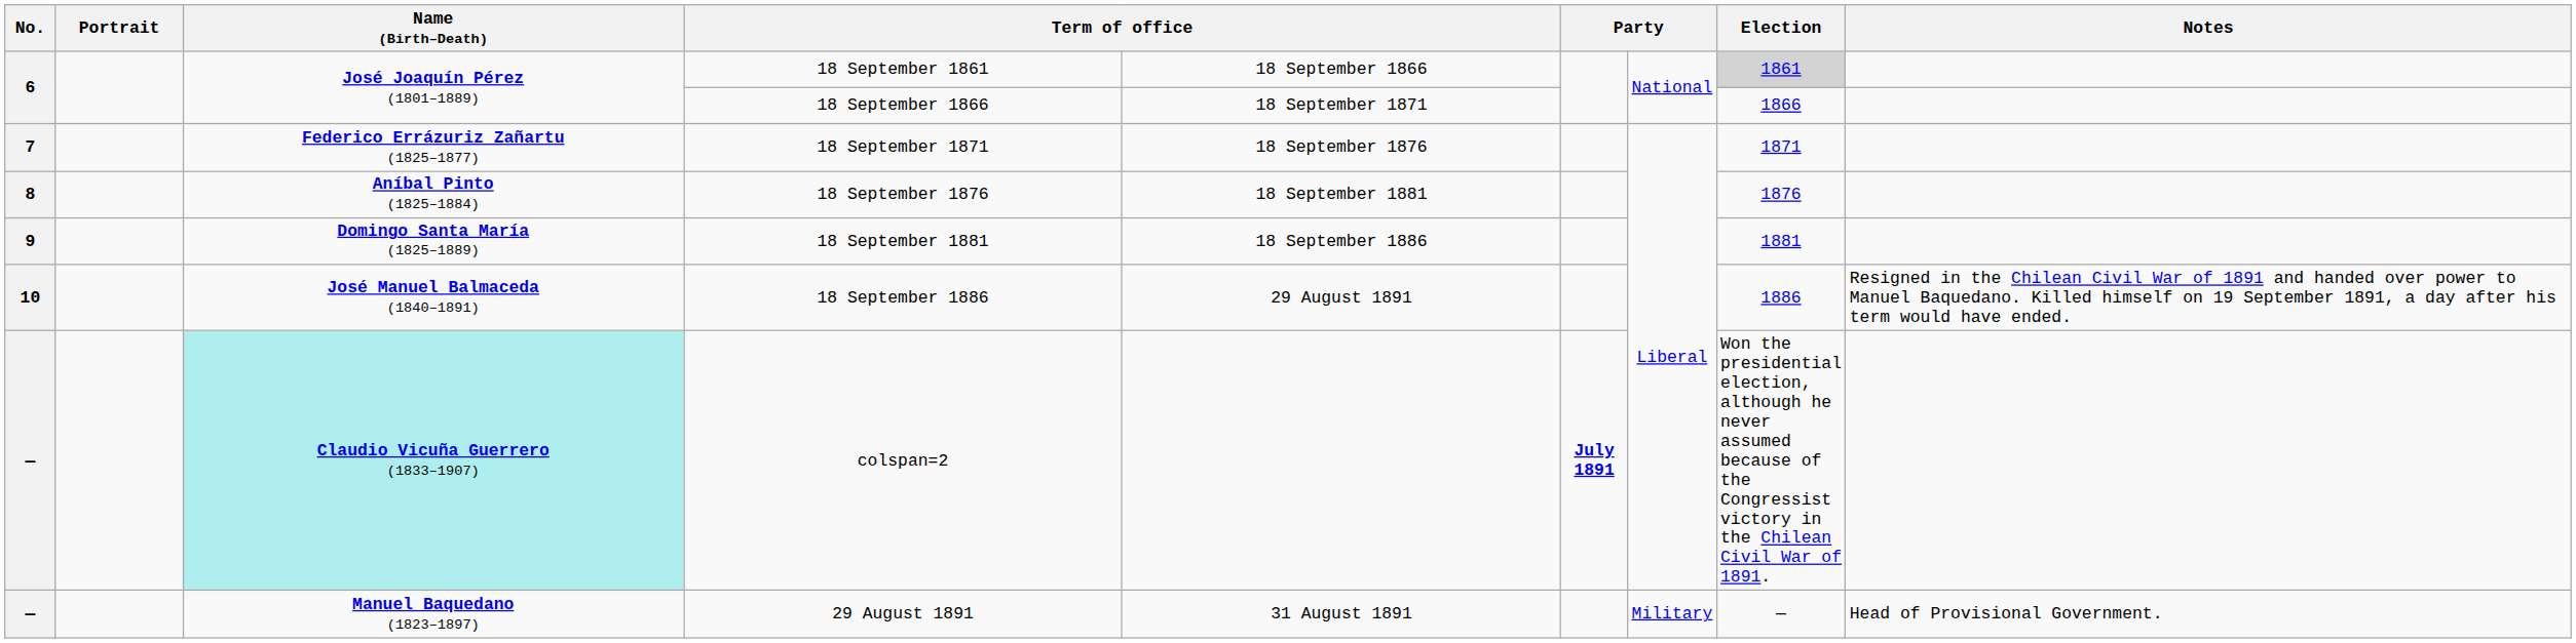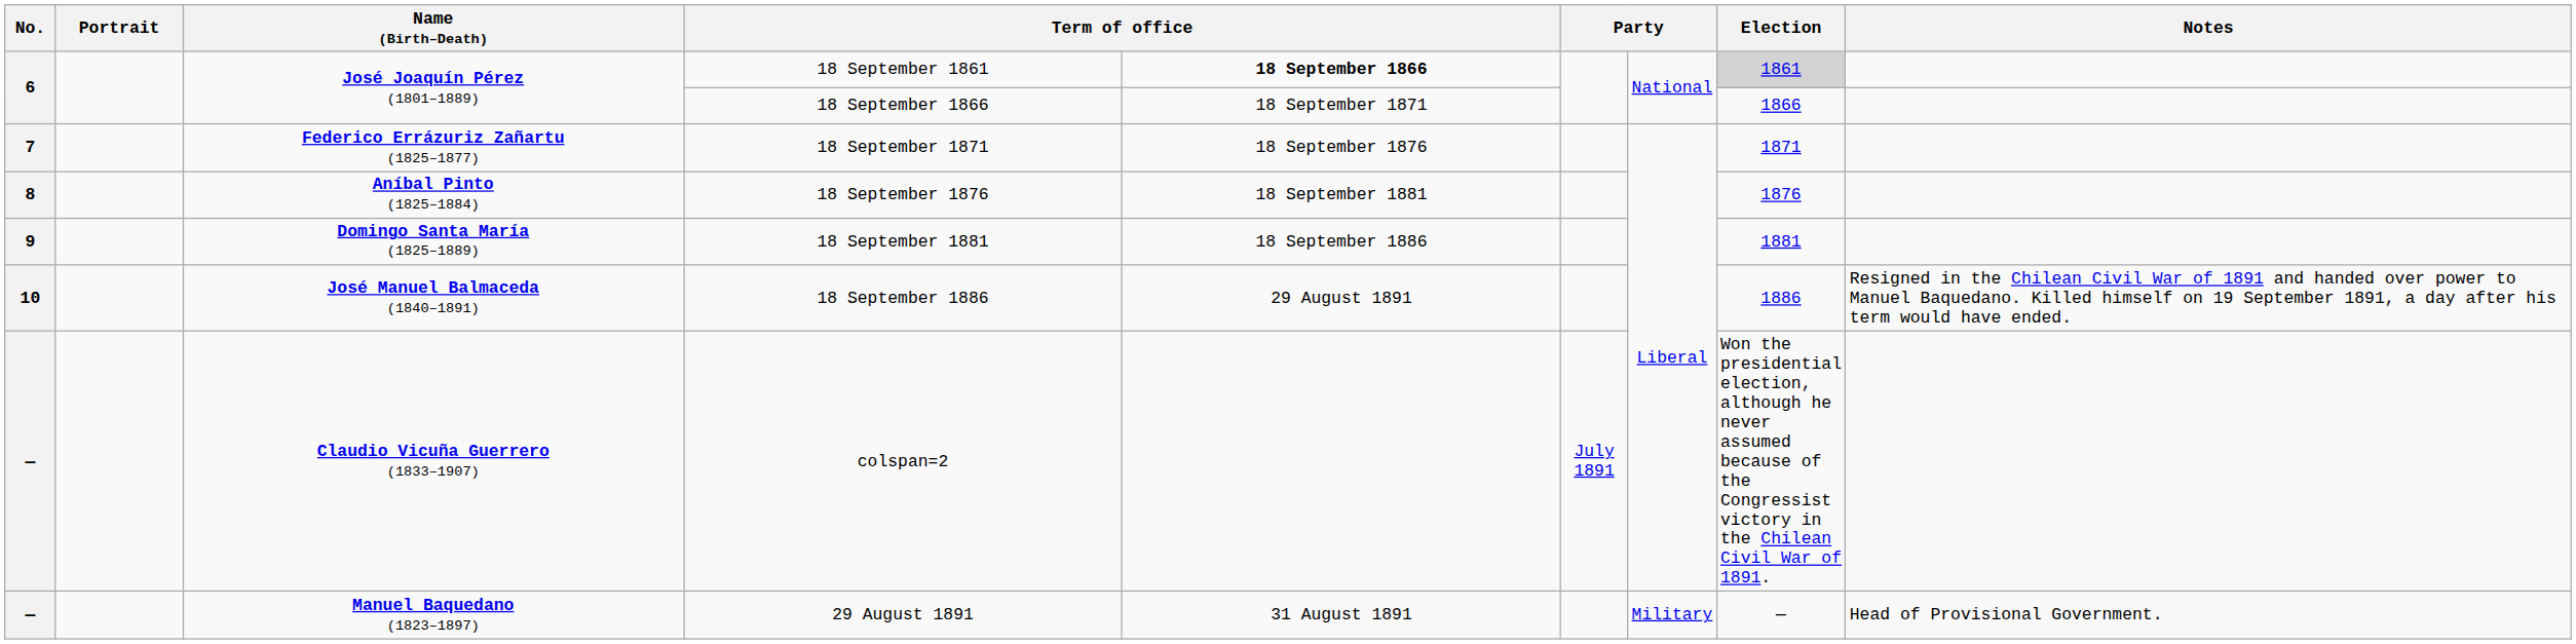 <table class="wikitable" width="100%" style="text-align: center;">
 <tr>
 <th width="2%">No.</th>
 <th width="5%">Portrait</th>
 <th width="20%">Name<br><small>(Birth–Death)</small></th>
 <th colspan="2" width="35%">Term of office</th>
 <th width="5%" colspan=2>Party</th>
 <th width="4%">Election</th>
 <th width="29%">Notes</th>
 </tr>
 <tr>
 <th rowspan=2>6</th>
 <td rowspan=2></td>
 <td rowspan=2><strong><a href='#'>José Joaquín Pérez</a></strong><br><small>(1801–1889)</small></td>
 <td>18 September 1861</td>
-<td>18 September 1866</td>
+<td><strong>18 September 1866</strong></td>
 <td rowspan=2 style="background-color:"></td>
 <td rowspan=2 height="50px"><a href='#'>National</a></td>
 <td style="background: lightgrey;"><a href='#'>1861</a></td>
 <td align=left></td>
 </tr>
 <tr>
 <td>18 September 1866</td>
 <td>18 September 1871</td>
 <td><a href='#'>1866</a></td>
 <td align=left></td>
 </tr>
 <tr>
 <th>7</th>
 <td></td>
 <td><strong><a href='#'>Federico Errázuriz Zañartu</a></strong><br><small>(1825–1877)</small></td>
 <td>18 September 1871</td>
 <td>18 September 1876</td>
 <td style="background-color:"></td>
 <td rowspan="5"><a href='#'>Liberal</a></td>
 <td><a href='#'>1871</a></td>
 <td align=left></td>
 </tr>
 <tr>
 <th>8</th>
 <td></td>
 <td><strong><a href='#'>Aníbal Pinto</a></strong><br><small>(1825–1884)</small></td>
 <td>18 September 1876</td>
 <td>18 September 1881</td>
 <td style="background-color:"></td>
 <td><a href='#'>1876</a></td>
 <td></td>
 </tr>
 <tr>
 <th>9</th>
 <td></td>
 <td><strong><a href='#'>Domingo Santa María</a></strong><br><small>(1825–1889)</small></td>
 <td>18 September 1881</td>
 <td>18 September 1886</td>
 <td style="background-color:"></td>
 <td><a href='#'>1881</a></td>
 <td align=left></td>
 </tr>
 <tr>
 <th>10</th>
 <td></td>
 <td><strong><a href='#'>José Manuel Balmaceda</a></strong><br><small>(1840–1891)</small></td>
 <td>18 September 1886</td>
 <td>29 August 1891</td>
 <td style="background-color:"></td>
 <td><a href='#'>1886</a></td>
 <td align=left>Resigned in the <a href='#'>Chilean Civil War of 1891</a> and handed over power to Manuel Baquedano. Killed himself on 19 September 1891, a day after his term would have ended.</td>
 </tr>
 <tr>
 <th>—</th>
 <td></td>
-<td style="background: paleturquoise;"><strong><a href='#'>Claudio Vicuña Guerrero</a></strong><br><small>(1833–1907)</small></td>
+<td><strong><a href='#'>Claudio Vicuña Guerrero</a></strong><br><small>(1833–1907)</small></td>
 <td>colspan=2 </td>
 <td style="background-color:"></td>
-<td><strong><a href='#'>July 1891</a></strong></td>
+<td><a href='#'>July 1891</a></td>
 <td align=left>Won the presidential election, although he never assumed because of the Congressist victory in the <a href='#'>Chilean Civil War of 1891</a>.</td>
 </tr>
 <tr>
 <th>—</th>
 <td></td>
 <td><strong><a href='#'>Manuel Baquedano</a></strong><br><small>(1823–1897)</small></td>
 <td>29 August 1891</td>
 <td>31 August 1891</td>
 <td style="background-color:"></td>
 <td><a href='#'>Military</a></td>
 <td>—</td>
 <td align=left>Head of Provisional Government.</td>
 </tr>
 </table>
